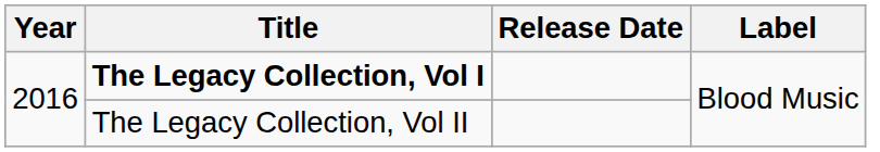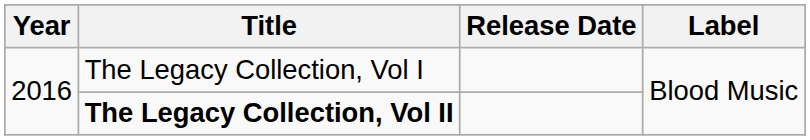 <table class="wikitable">
 <tr>
 <th>Year</th>
 <th>Title</th>
 <th>Release Date</th>
 <th>Label</th>
 </tr>
 <tr>
 <td rowspan="2" align="center">2016</td>
-<td><strong>The Legacy Collection, Vol I</strong></td>
+<td>The Legacy Collection, Vol I</td>
 <td></td>
 <td rowspan="2">Blood Music</td>
 </tr>
 <tr>
-<td>The Legacy Collection, Vol II</td>
+<td><strong>The Legacy Collection, Vol II</strong></td>
 <td></td>
 </tr>
 </table>
